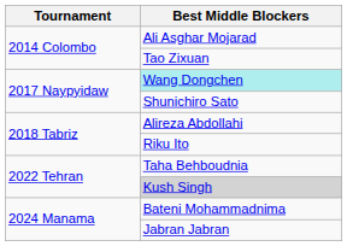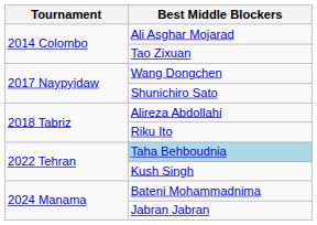 <table class=wikitable style="width: 400px;">
 <tr>
 <th style="width: 40%;">Tournament</th>
 <th style="width: 60%;">Best Middle Blockers</th>
 </tr>
 <tr>
 <td rowspan=2><a href='#'>2014 Colombo</a></td>
 <td> <a href='#'>Ali Asghar Mojarad</a></td>
 </tr>
 <tr>
 <td> <a href='#'>Tao Zixuan</a></td>
 </tr>
 <tr>
 <td rowspan=2><a href='#'>2017 Naypyidaw</a></td>
-<td style="background: paleturquoise;"> <a href='#'>Wang Dongchen</a></td>
+<td> <a href='#'>Wang Dongchen</a></td>
 </tr>
 <tr>
 <td> <a href='#'>Shunichiro Sato</a></td>
 </tr>
 <tr>
 <td rowspan=2><a href='#'>2018 Tabriz</a></td>
 <td> <a href='#'>Alireza Abdollahi</a></td>
 </tr>
 <tr>
 <td> <a href='#'>Riku Ito</a></td>
 </tr>
 <tr>
 <td rowspan=2><a href='#'>2022 Tehran</a></td>
-<td> <a href='#'>Taha Behboudnia</a></td>
+<td style="background: lightblue;"> <a href='#'>Taha Behboudnia</a></td>
 </tr>
 <tr>
-<td style="background: lightgrey;"> <a href='#'>Kush Singh</a></td>
+<td> <a href='#'>Kush Singh</a></td>
 </tr>
 <tr>
 <td rowspan=2><a href='#'>2024 Manama</a></td>
 <td> <a href='#'>Bateni Mohammadnima</a></td>
 </tr>
 <tr>
 <td> <a href='#'>Jabran Jabran</a></td>
 </tr>
 </table>
